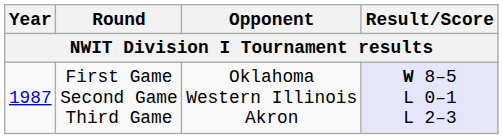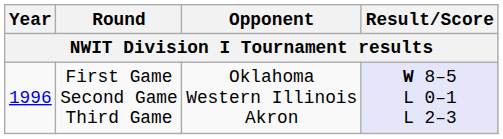 <table class="wikitable">
 <tr>
 <th>Year</th>
 <th>Round</th>
 <th>Opponent</th>
 <th>Result/Score</th>
 </tr>
 <tr>
 <th colspan=4>NWIT Division I Tournament results</th>
 </tr>
 <tr align="center">
-<td><a href='#'>1987</a></td>
+<td><a href='#'>1996</a></td>
 <td>First Game<br>Second Game<br>Third Game</td>
 <td>Oklahoma<br>Western Illinois<br>Akron</td>
 <td style="background: lavender;"><strong>W</strong> 8–5<br>L 0–1<br>L 2–3</td>
 </tr>
 </table>
